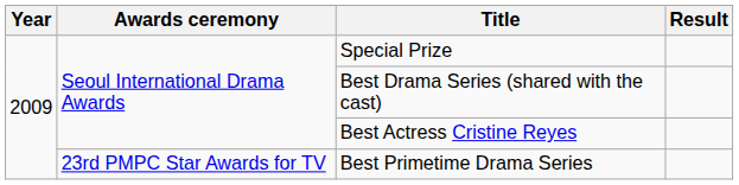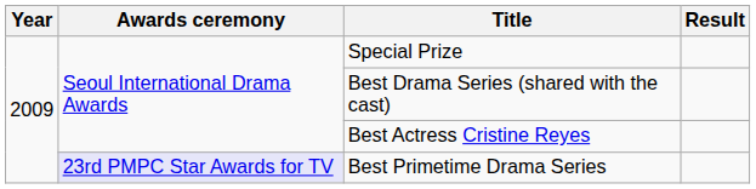 <table class="wikitable sortable">
 <tr>
 <th>Year</th>
 <th>Awards ceremony</th>
 <th>Title</th>
 <th>Result</th>
 </tr>
 <tr>
 <td rowspan="4">2009</td>
 <td rowspan="3"><a href='#'>Seoul International Drama Awards</a></td>
 <td>Special Prize</td>
 <td></td>
 </tr>
 <tr>
 <td>Best Drama Series (shared with the cast)</td>
 <td></td>
 </tr>
 <tr>
 <td>Best Actress <a href='#'>Cristine Reyes</a></td>
 <td></td>
 </tr>
 <tr>
-<td><a href='#'>23rd PMPC Star Awards for TV</a></td>
+<td style="background: lavender;"><a href='#'>23rd PMPC Star Awards for TV</a></td>
 <td>Best Primetime Drama Series</td>
 <td></td>
 </tr>
 </table>
